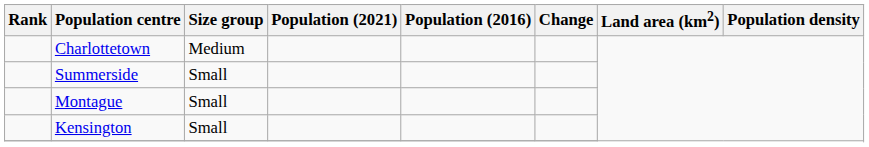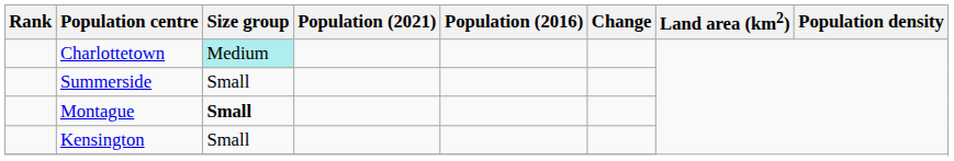 <table class="wikitable sortable">
 <tr>
 <th>Rank</th>
 <th>Population centre</th>
 <th>Size group</th>
 <th>Population (2021)</th>
 <th>Population (2016)</th>
 <th>Change</th>
 <th>Land area (km<sup>2</sup>)</th>
 <th>Population density</th>
 </tr>
 <tr>
 <td scope=row align=center></td>
 <td><a href='#'>Charlottetown</a></td>
-<td>Medium</td>
+<td style="background: paleturquoise;">Medium</td>
 <td></td>
 <td align=center></td>
 <td align=center></td>
 </tr>
 <tr>
 <td scope=row align=center></td>
 <td><a href='#'>Summerside</a></td>
 <td>Small</td>
 <td></td>
 <td align=center></td>
 <td align=center></td>
 </tr>
 <tr>
 <td scope=row align=center></td>
 <td><a href='#'>Montague</a></td>
-<td>Small</td>
+<td><strong>Small</strong></td>
 <td></td>
 <td align=center></td>
 <td align=center></td>
 </tr>
 <tr>
 <td scope=row align=center></td>
 <td><a href='#'>Kensington</a></td>
 <td>Small</td>
 <td></td>
 <td align=center></td>
 <td align=center></td>
 </tr>
 <tr>
 </tr>
 </table>
